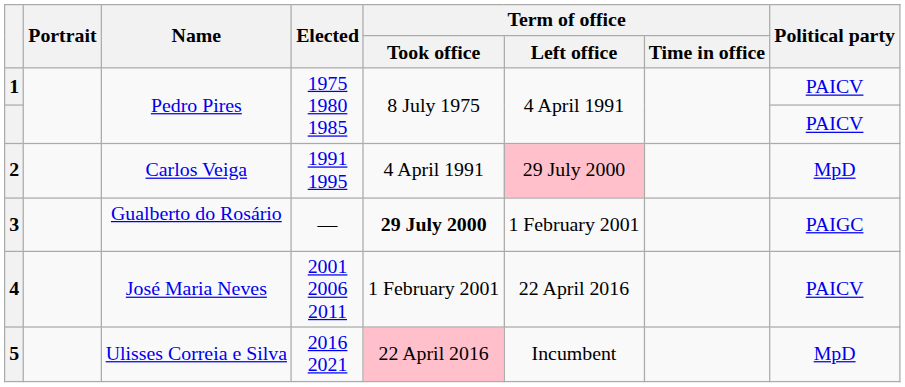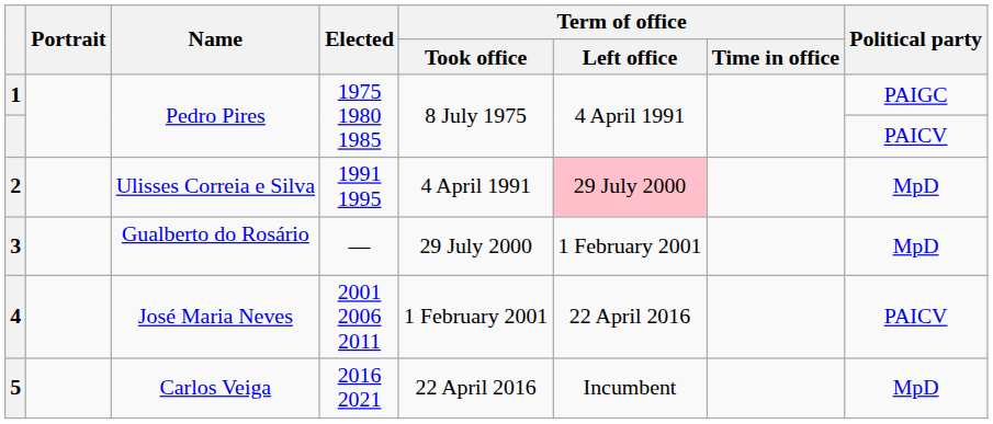 <table class="wikitable" style="text-align:center">
 <tr>
 <th rowspan="2"></th>
 <th rowspan="2">Portrait</th>
 <th rowspan="2">Name<br></th>
 <th rowspan="2">Elected</th>
 <th colspan="3">Term of office</th>
 <th rowspan="2">Political party</th>
 </tr>
 <tr>
 <th>Took office</th>
 <th>Left office</th>
 <th>Time in office</th>
 </tr>
 <tr>
 <th style="background:">1</th>
 <td rowspan=2></td>
 <td rowspan=2><a href='#'>Pedro Pires</a><br></td>
 <td rowspan=2><a href='#'>1975</a><br><a href='#'>1980</a><br><a href='#'>1985</a></td>
 <td rowspan=2>8 July 1975</td>
 <td rowspan=2>4 April 1991</td>
 <td rowspan=2></td>
-<td><a href='#'>PAICV</a></td>
+<td><a href='#'>PAIGC</a><br></td>
 </tr>
 <tr>
 <th style="background:"></th>
 <td><a href='#'>PAICV</a><br></td>
 </tr>
 <tr>
 <th style="background:">2</th>
 <td></td>
-<td><a href='#'>Carlos Veiga</a><br></td>
+<td><a href='#'>Ulisses Correia e Silva</a><br></td>
 <td><a href='#'>1991</a><br><a href='#'>1995</a></td>
 <td>4 April 1991</td>
 <td style="background: pink;">29 July 2000</td>
 <td></td>
 <td><a href='#'>MpD</a></td>
 </tr>
 <tr>
 <th style="background:">3</th>
 <td></td>
 <td><a href='#'>Gualberto do Rosário</a><br><br></td>
 <td>—</td>
-<td><strong>29 July 2000</strong></td>
+<td>29 July 2000</td>
 <td>1 February 2001</td>
 <td></td>
-<td><a href='#'>PAIGC</a><br></td>
+<td><a href='#'>MpD</a></td>
 </tr>
 <tr>
 <th style="background:">4</th>
 <td></td>
 <td><a href='#'>José Maria Neves</a><br></td>
 <td><a href='#'>2001</a><br><a href='#'>2006</a><br><a href='#'>2011</a></td>
 <td>1 February 2001</td>
 <td>22 April 2016</td>
 <td></td>
 <td><a href='#'>PAICV</a></td>
 </tr>
 <tr>
 <th style="background:">5</th>
 <td></td>
-<td><a href='#'>Ulisses Correia e Silva</a><br></td>
+<td><a href='#'>Carlos Veiga</a><br></td>
 <td><a href='#'>2016</a><br><a href='#'>2021</a></td>
-<td style="background: pink;">22 April 2016</td>
+<td>22 April 2016</td>
 <td>Incumbent</td>
 <td></td>
 <td><a href='#'>MpD</a></td>
 </tr>
 </table>
